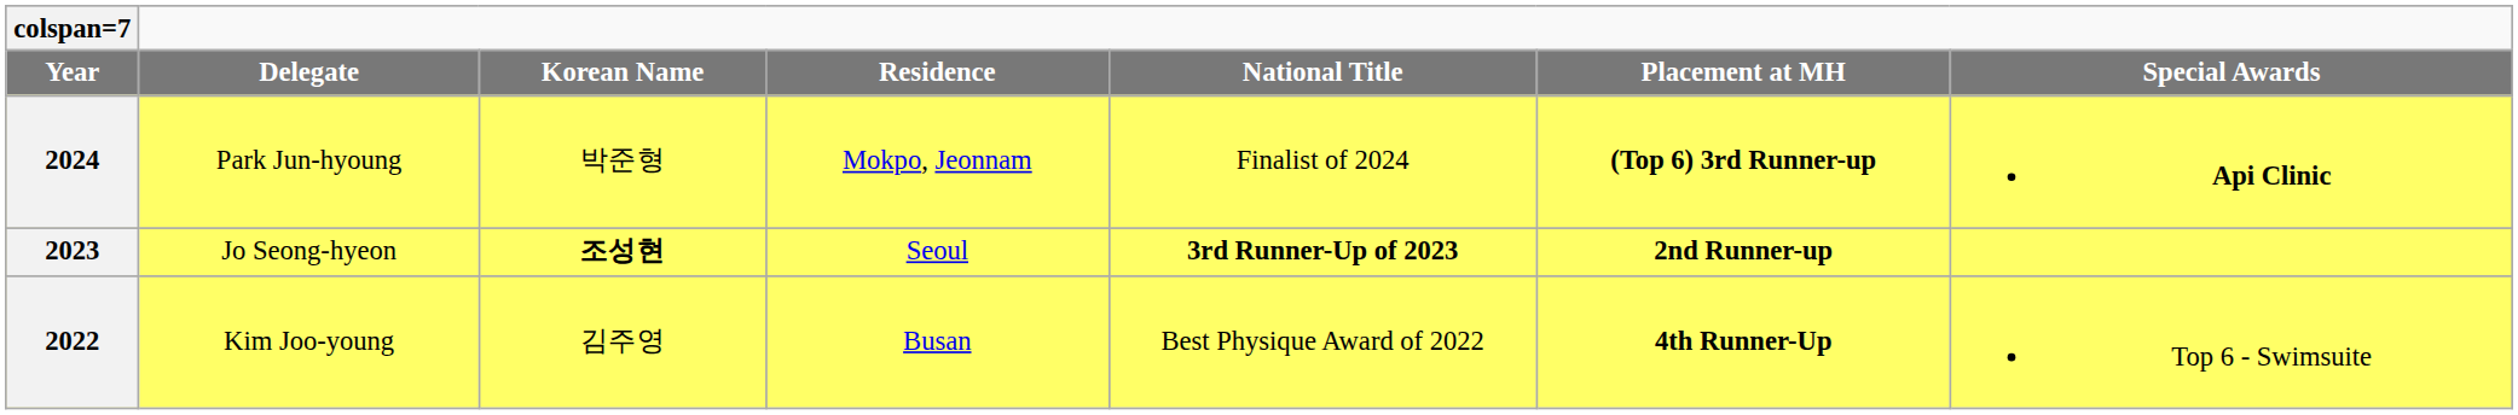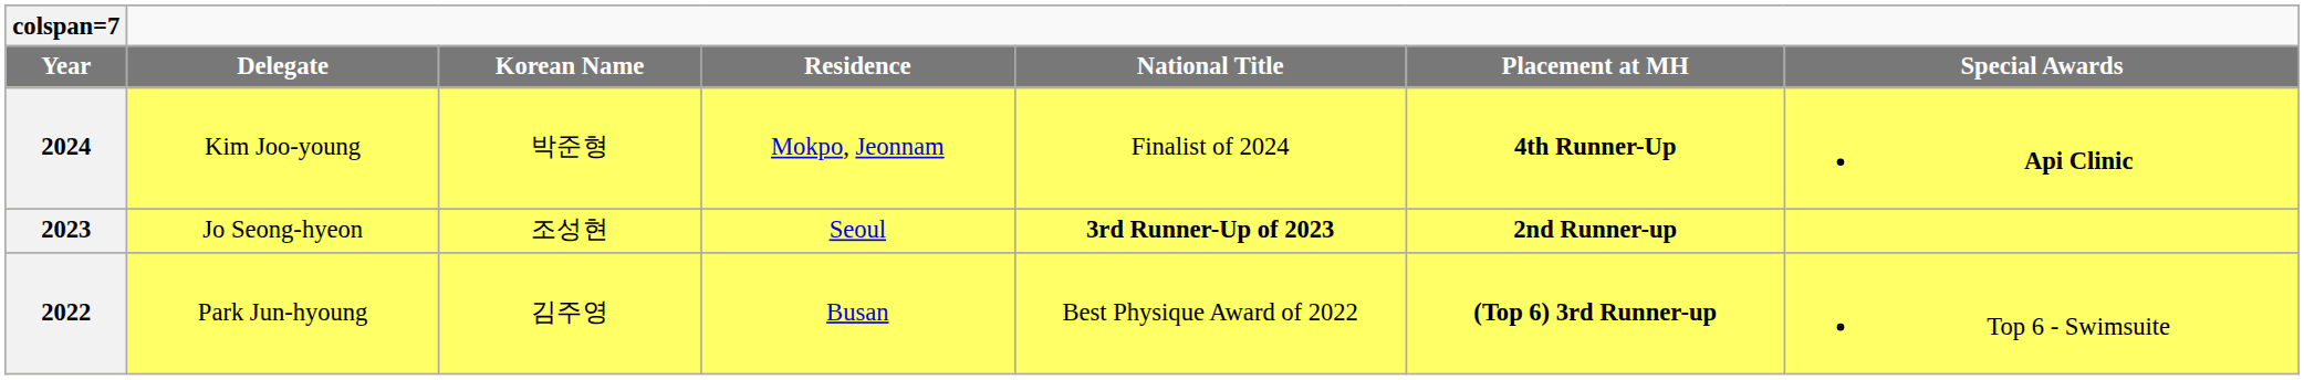 <table class="wikitable sortable" style="font-size: 85%; text-align:center">
 <tr>
 <th>colspan=7 </th>
 </tr>
 <tr>
 <th width="60" style="background-color:#787878;color:#FFFFFF;">Year</th>
 <th width="180" style="background-color:#787878;color:#FFFFFF;">Delegate</th>
 <th width="150" style="background-color:#787878;color:#FFFFFF;">Korean Name</th>
 <th width="180" style="background-color:#787878;color:#FFFFFF;">Residence</th>
 <th width="230" style="background-color:#787878;color:#FFFFFF;">National Title</th>
 <th width="220" style="background-color:#787878;color:#FFFFFF;">Placement at MH</th>
 <th width="300" style="background-color:#787878;color:#FFFFFF;">Special Awards</th>
 </tr>
 <tr style="background-color:#FFFF66;">
 <th>2024</th>
-<td>Park Jun-hyoung</td>
+<td>Kim Joo-young</td>
 <td>박준형</td>
 <td><a href='#'>Mokpo</a>, <a href='#'>Jeonnam</a></td>
 <td>Finalist of 2024</td>
-<td><strong>(Top 6) 3rd Runner-up</strong></td>
+<td><strong>4th Runner-Up</strong></td>
 <td><br><ul><li><strong>Api Clinic</strong></li></ul></td>
 </tr>
 <tr style="background-color:#FFFF66;">
 <th>2023</th>
 <td>Jo Seong-hyeon</td>
-<td><strong>조성현</strong></td>
+<td>조성현</td>
 <td><a href='#'>Seoul</a></td>
 <td><strong>3rd Runner-Up of 2023</strong></td>
 <td><strong>2nd Runner-up</strong></td>
 <td></td>
 </tr>
 <tr style="background-color:#FFFF66;">
 <th>2022</th>
-<td>Kim Joo-young</td>
+<td>Park Jun-hyoung</td>
 <td>김주영</td>
 <td><a href='#'>Busan</a></td>
 <td>Best Physique Award of 2022</td>
-<td><strong>4th Runner-Up</strong></td>
+<td><strong>(Top 6) 3rd Runner-up</strong></td>
 <td><br><ul><li>Top 6 - Swimsuite</li></ul></td>
 </tr>
 </table>
